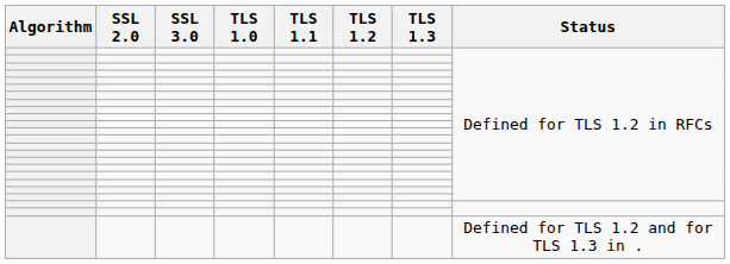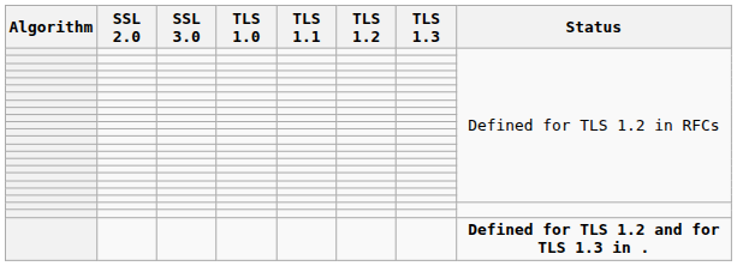 <table class="wikitable sticky-header"style=text-align:center>
 <tr>
 <th scope=col>Algorithm</th>
 <th scope=col>SSL 2.0</th>
 <th scope=col>SSL 3.0</th>
 <th scope=col>TLS 1.0</th>
 <th scope=col>TLS 1.1</th>
 <th scope=col>TLS 1.2</th>
 <th scope=col>TLS 1.3</th>
 <th scope=col>Status</th>
 </tr>
 <tr>
 <th></th>
 <td></td>
 <td></td>
 <td></td>
 <td></td>
 <td></td>
 <td></td>
 <td rowspan=21>Defined for TLS 1.2 in RFCs</td>
 </tr>
 <tr>
 <th></th>
 <td></td>
 <td></td>
 <td></td>
 <td></td>
 <td></td>
 <td></td>
 </tr>
 <tr>
 <th></th>
 <td></td>
 <td></td>
 <td></td>
 <td></td>
 <td></td>
 <td></td>
 </tr>
 <tr>
 <th></th>
 <td></td>
 <td></td>
 <td></td>
 <td></td>
 <td></td>
 <td></td>
 </tr>
 <tr>
 <th></th>
 <td></td>
 <td></td>
 <td></td>
 <td></td>
 <td></td>
 <td></td>
 </tr>
 <tr>
 <th></th>
 <td></td>
 <td></td>
 <td></td>
 <td></td>
 <td></td>
 <td></td>
 </tr>
 <tr>
 <th></th>
 <td></td>
 <td></td>
 <td></td>
 <td></td>
 <td></td>
 <td></td>
 </tr>
 <tr>
 <th></th>
 <td></td>
 <td></td>
 <td></td>
 <td></td>
 <td></td>
 <td></td>
 </tr>
 <tr>
 <th></th>
 <td></td>
 <td></td>
 <td></td>
 <td></td>
 <td></td>
 <td></td>
 </tr>
 <tr>
 <th></th>
 <td></td>
 <td></td>
 <td></td>
 <td></td>
 <td></td>
 <td></td>
 </tr>
 <tr>
 <th></th>
 <td></td>
 <td></td>
 <td></td>
 <td></td>
 <td></td>
 <td></td>
 </tr>
 <tr>
 <th></th>
 <td></td>
 <td></td>
 <td></td>
 <td></td>
 <td></td>
 <td></td>
 </tr>
 <tr>
 <th></th>
 <td></td>
 <td></td>
 <td></td>
 <td></td>
 <td></td>
 <td></td>
 </tr>
 <tr>
 <th></th>
 <td></td>
 <td></td>
 <td></td>
 <td></td>
 <td></td>
 <td></td>
 </tr>
 <tr>
 <th></th>
 <td></td>
 <td></td>
 <td></td>
 <td></td>
 <td></td>
 <td></td>
 </tr>
 <tr>
 <th></th>
 <td></td>
 <td></td>
 <td></td>
 <td></td>
 <td></td>
 <td></td>
 </tr>
 <tr>
 <th></th>
 <td></td>
 <td></td>
 <td></td>
 <td></td>
 <td></td>
 <td></td>
 </tr>
 <tr>
 <th></th>
 <td></td>
 <td></td>
 <td></td>
 <td></td>
 <td></td>
 <td></td>
 </tr>
 <tr>
 <th></th>
 <td></td>
 <td></td>
 <td></td>
 <td></td>
 <td></td>
 <td></td>
 </tr>
 <tr>
 <th></th>
 <td></td>
 <td></td>
 <td></td>
 <td></td>
 <td></td>
 <td></td>
 </tr>
 <tr>
 <th></th>
 <td></td>
 <td></td>
 <td></td>
 <td></td>
 <td></td>
 <td></td>
 </tr>
 <tr>
 <th></th>
 <td></td>
 <td></td>
 <td></td>
 <td></td>
 <td></td>
 <td></td>
 </tr>
 <tr>
 <th></th>
 <td></td>
 <td></td>
 <td></td>
 <td></td>
 <td></td>
 <td></td>
 </tr>
 <tr>
 <th></th>
 <td></td>
 <td></td>
 <td></td>
 <td></td>
 <td></td>
 <td></td>
-<td>Defined for TLS 1.2 and for TLS 1.3 in .</td>
+<td><strong>Defined for TLS 1.2 and for TLS 1.3 in .</strong></td>
 </tr>
 </table>
